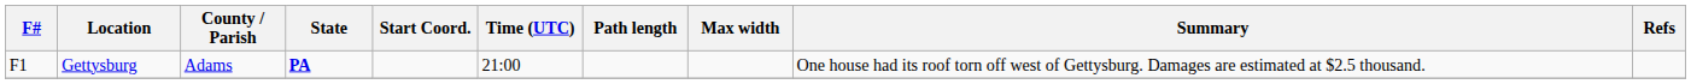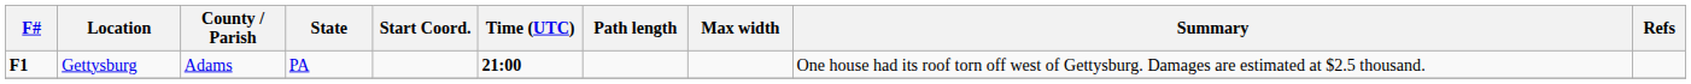 <table class="wikitable sortable" style="width:100%;">
 <tr>
 <th scope="col"  style="width:3%; text-align:center;"><a href='#'>F#</a></th>
 <th scope="col"  style="width:7%; text-align:center;" class="unsortable">Location</th>
 <th scope="col"  style="width:6%; text-align:center;" class="unsortable">County / Parish</th>
 <th scope="col"  style="width:5%; text-align:center;">State</th>
 <th scope="col"  style="width:6%; text-align:center;">Start Coord.</th>
 <th scope="col"  style="width:6%; text-align:center;">Time (<a href='#'>UTC</a>)</th>
 <th scope="col"  style="width:6%; text-align:center;">Path length</th>
 <th scope="col"  style="width:6%; text-align:center;">Max width</th>
 <th scope="col" class="unsortable" style="width:48%; text-align:center;">Summary</th>
 <th scope="col" class="unsortable" style="width:3%; text-align:center;">Refs</th>
 </tr>
 <tr>
-<td bgcolor=>F1</td>
+<td bgcolor=><strong>F1</strong></td>
 <td><a href='#'>Gettysburg</a></td>
 <td><a href='#'>Adams</a></td>
-<td><strong><a href='#'>PA</a></strong></td>
+<td><a href='#'>PA</a></td>
 <td></td>
-<td>21:00</td>
+<td><strong>21:00</strong></td>
 <td></td>
 <td></td>
 <td>One house had its roof torn off west of Gettysburg. Damages are estimated at $2.5 thousand.</td>
 <td></td>
 </tr>
 <tr>
 </tr>
 </table>
